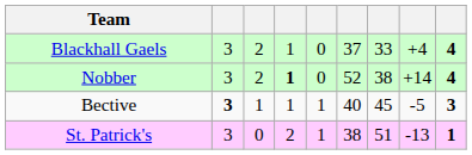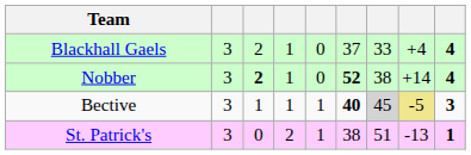 <table class="wikitable" style="text-align:center">
 <tr>
 <th style="width:175px;">Team</th>
 <th width="20"></th>
 <th width="20"></th>
 <th width="20"></th>
 <th width="20"></th>
 <th width="20"></th>
 <th width="20"></th>
 <th width="20"></th>
 <th width="20"></th>
 </tr>
 <tr style="background:#cfc;">
 <td><a href='#'>Blackhall Gaels</a></td>
 <td>3</td>
 <td>2</td>
 <td>1</td>
 <td>0</td>
 <td>37</td>
 <td>33</td>
 <td>+4</td>
 <td><strong>4</strong></td>
 </tr>
 <tr style="background:#cfc;">
 <td><a href='#'>Nobber</a></td>
 <td>3</td>
-<td>2</td>
-<td><strong>1</strong></td>
+<td><strong>2</strong></td>
+<td>1</td>
 <td>0</td>
-<td>52</td>
+<td><strong>52</strong></td>
 <td>38</td>
 <td>+14</td>
 <td><strong>4</strong></td>
 </tr>
 <tr>
 <td>Bective</td>
-<td><strong>3</strong></td>
+<td>3</td>
 <td>1</td>
 <td>1</td>
 <td>1</td>
-<td>40</td>
-<td>45</td>
-<td>-5</td>
+<td><strong>40</strong></td>
+<td style="background: lightgrey;">45</td>
+<td style="background: khaki;">-5</td>
 <td><strong>3</strong></td>
 </tr>
 <tr style="background:#fcf;">
 <td><a href='#'>St. Patrick's</a></td>
 <td>3</td>
 <td>0</td>
 <td>2</td>
 <td>1</td>
 <td>38</td>
 <td>51</td>
 <td>-13</td>
 <td><strong>1</strong></td>
 </tr>
 </table>
